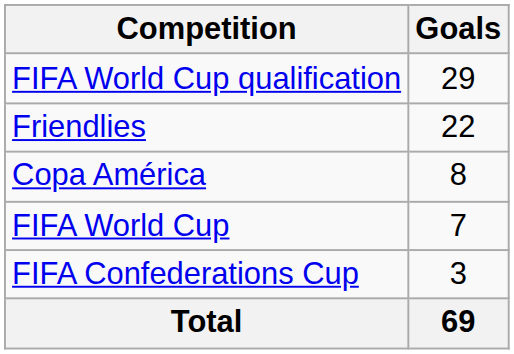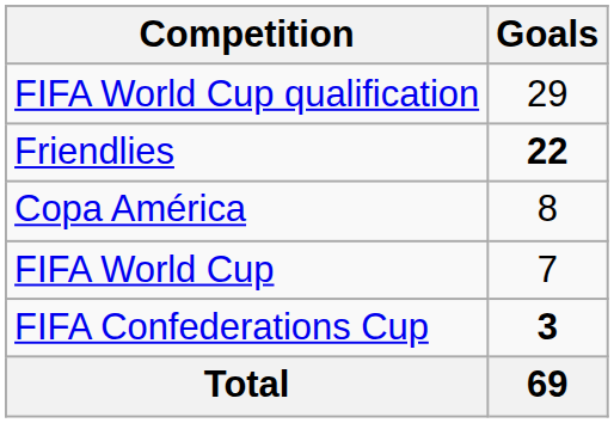 <table class="wikitable sortable" style="text-align:center">
 <tr>
 <th scope="col">Competition</th>
 <th scope="col">Goals</th>
 </tr>
 <tr>
 <td style="text-align:left"><a href='#'>FIFA World Cup qualification</a></td>
 <td>29</td>
 </tr>
 <tr>
 <td style="text-align:left"><a href='#'>Friendlies</a></td>
-<td>22</td>
+<td><strong>22</strong></td>
 </tr>
 <tr>
 <td style="text-align:left"><a href='#'>Copa América</a></td>
 <td>8</td>
 </tr>
 <tr>
 <td style="text-align:left"><a href='#'>FIFA World Cup</a></td>
 <td>7</td>
 </tr>
 <tr>
 <td style="text-align:left"><a href='#'>FIFA Confederations Cup</a></td>
-<td>3</td>
+<td><strong>3</strong></td>
 </tr>
 <tr>
 <th>Total</th>
 <th>69</th>
 </tr>
 </table>
